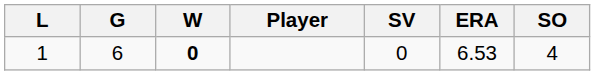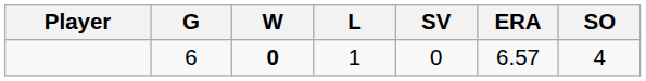 <table class="wikitable sortable">
 <tr>
-<th bgcolor="#DDDDFF" width="9%">L</th>
+<th bgcolor="#DDDDFF" width="16%">Player</th>
 <th bgcolor="#DDDDFF" width="9%">G</th>
 <th bgcolor="#DDDDFF" width="9%">W</th>
-<th bgcolor="#DDDDFF" width="16%">Player</th>
+<th bgcolor="#DDDDFF" width="9%">L</th>
 <th bgcolor="#DDDDFF" width="9%">SV</th>
 <th bgcolor="#DDDDFF" width="9%">ERA</th>
 <th bgcolor="#DDDDFF" width="9%">SO</th>
 </tr>
 <tr align="center">
-<td>1</td>
+<td></td>
 <td>6</td>
 <td><strong>0</strong></td>
-<td></td>
+<td>1</td>
 <td>0</td>
-<td>6.53</td>
+<td>6.57</td>
 <td>4</td>
 </tr>
 </table>
